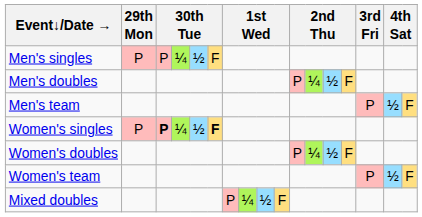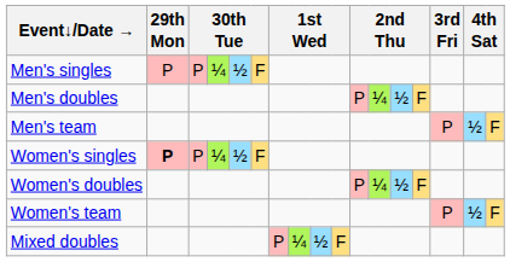 <table class="wikitable" style="margin:0.5em auto; font-size:90%; line-height:1.25em; text-align:center;">
 <tr>
 <th>Event↓/Date →</th>
 <th>29th<br>Mon</th>
 <th colspan=4>30th<br>Tue</th>
 <th colspan=4>1st<br>Wed</th>
 <th colspan=4>2nd<br>Thu</th>
 <th>3rd<br>Fri</th>
 <th colspan=2>4th<br>Sat</th>
 </tr>
 <tr>
 <td align="left"><a href='#'>Men's singles</a></td>
 <td bgcolor="#FFBBBB">P</td>
 <td bgcolor="#FFBBBB">P</td>
 <td bgcolor="#AFF55B">¼</td>
 <td bgcolor="#97DEFF">½</td>
 <td bgcolor="#FFDF80">F</td>
 <td colspan=4></td>
 <td colspan=4></td>
 <td></td>
 <td colspan=2></td>
 </tr>
 <tr>
 <td align="left"><a href='#'>Men's doubles</a></td>
 <td></td>
 <td colspan=4></td>
 <td colspan=4></td>
 <td bgcolor="#FFBBBB">P</td>
 <td bgcolor="#AFF55B">¼</td>
 <td bgcolor="#97DEFF">½</td>
 <td bgcolor="#FFDF80">F</td>
 <td></td>
 <td colspan=2></td>
 </tr>
 <tr>
 <td align="left"><a href='#'>Men's team</a></td>
 <td></td>
 <td colspan=4></td>
 <td colspan=4></td>
 <td colspan=4></td>
 <td bgcolor="#FFBBBB">P</td>
 <td bgcolor="#97DEFF">½</td>
 <td bgcolor="#FFDF80">F</td>
 </tr>
 <tr>
 <td align="left"><a href='#'>Women's singles</a></td>
+<td bgcolor="#FFBBBB"><strong>P</strong></td>
 <td bgcolor="#FFBBBB">P</td>
-<td bgcolor="#FFBBBB"><strong>P</strong></td>
 <td bgcolor="#AFF55B">¼</td>
 <td bgcolor="#97DEFF">½</td>
-<td bgcolor="#FFDF80"><strong>F</strong></td>
+<td bgcolor="#FFDF80">F</td>
 <td colspan=4></td>
 <td colspan=4></td>
 <td></td>
 <td colspan=2></td>
 </tr>
 <tr>
 <td align="left"><a href='#'>Women's doubles</a></td>
 <td></td>
 <td colspan=4></td>
 <td colspan=4></td>
 <td bgcolor="#FFBBBB">P</td>
 <td bgcolor="#AFF55B">¼</td>
 <td bgcolor="#97DEFF">½</td>
 <td bgcolor="#FFDF80">F</td>
 <td></td>
 <td colspan=2></td>
 </tr>
 <tr>
 <td align="left"><a href='#'>Women's team</a></td>
 <td></td>
 <td colspan=4></td>
 <td colspan=4></td>
 <td colspan=4></td>
 <td bgcolor="#FFBBBB">P</td>
 <td bgcolor="#97DEFF">½</td>
 <td bgcolor="#FFDF80">F</td>
 </tr>
 <tr>
 <td align="left"><a href='#'>Mixed doubles</a></td>
 <td></td>
 <td colspan=4></td>
 <td bgcolor="#FFBBBB">P</td>
 <td bgcolor="#AFF55B">¼</td>
 <td bgcolor="#97DEFF">½</td>
 <td bgcolor="#FFDF80">F</td>
 <td colspan=4></td>
 <td></td>
 <td colspan=2></td>
 </tr>
 </table>
